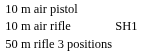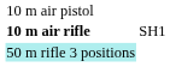 <table>
 <tr>
 <td>10 m air pistol</td>
 <td rowspan=3>SH1</td>
 <td></td>
 <td></td>
 <td></td>
 </tr>
 <tr>
-<td>10 m air rifle</td>
+<td><strong>10 m air rifle</strong></td>
 <td></td>
 <td></td>
 <td></td>
 </tr>
 <tr>
-<td>50 m rifle 3 positions</td>
+<td style="background: paleturquoise;">50 m rifle 3 positions</td>
 <td></td>
 <td></td>
 <td></td>
 </tr>
 </table>
